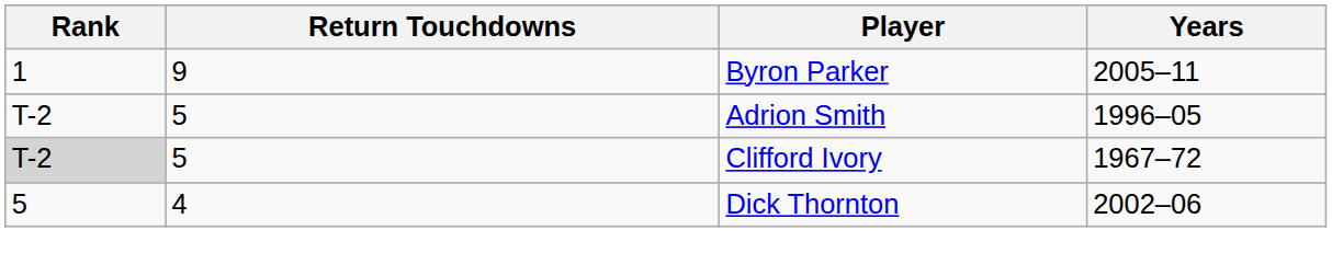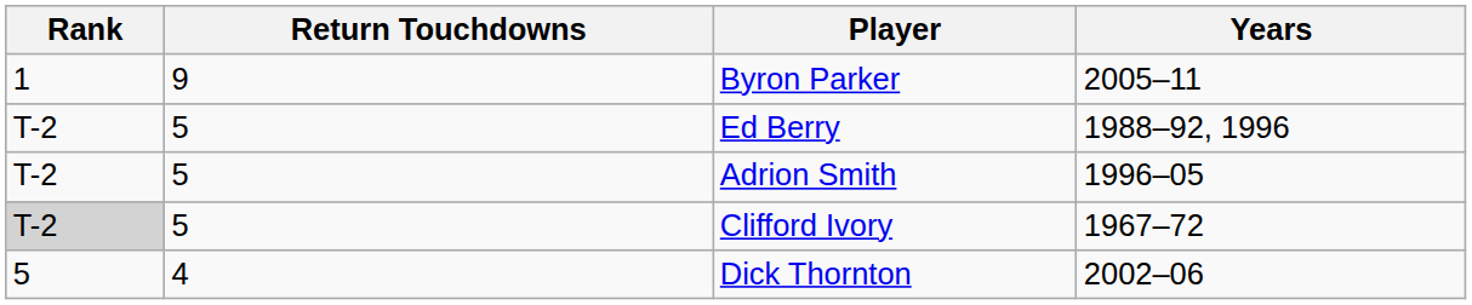 <table class="wikitable" style="width:60%;">
 <tr>
 <th>Rank</th>
 <th>Return Touchdowns</th>
 <th>Player</th>
 <th>Years</th>
 </tr>
 <tr>
 <td>1</td>
 <td>9</td>
 <td><a href='#'>Byron Parker</a></td>
 <td>2005–11</td>
+</tr>
+<tr>
+<td>T-2</td>
+<td>5</td>
+<td><a href='#'>Ed Berry</a></td>
+<td>1988–92, 1996</td>
 </tr>
 <tr>
 <td>T-2</td>
 <td>5</td>
 <td><a href='#'>Adrion Smith</a></td>
 <td>1996–05</td>
 </tr>
 <tr>
 <td style="background: lightgrey;">T-2</td>
 <td>5</td>
 <td><a href='#'>Clifford Ivory</a></td>
 <td>1967–72</td>
 </tr>
 <tr>
 <td>5</td>
 <td>4</td>
 <td><a href='#'>Dick Thornton</a></td>
 <td>2002–06</td>
 </tr>
 </table>
